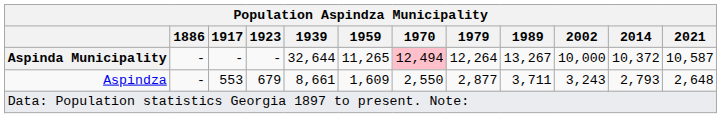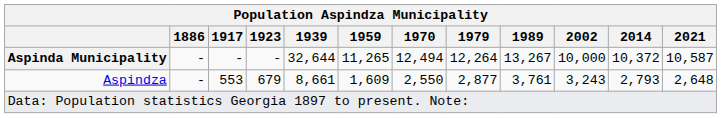 <table class="wikitable" style="text-align:right">
 <tr>
 <th colspan=19>Population Aspindza Municipality</th>
 </tr>
 <tr>
 <th></th>
 <th>1886</th>
 <th>1917</th>
 <th>1923</th>
 <th>1939</th>
 <th>1959</th>
 <th>1970</th>
 <th>1979</th>
 <th>1989</th>
 <th>2002</th>
 <th>2014</th>
 <th>2021</th>
 </tr>
 <tr>
 <th>Aspinda Municipality</th>
 <td>-</td>
 <td>-</td>
 <td>-</td>
 <td>32,644</td>
 <td> 11,265</td>
-<td style="background: pink;"> 12,494</td>
+<td> 12,494</td>
 <td> 12,264</td>
 <td> 13,267</td>
 <td> 10,000</td>
 <td> 10,372</td>
 <td> 10,587</td>
 </tr>
 <tr>
 <td><a href='#'>Aspindza</a></td>
 <td>-</td>
 <td>553</td>
 <td> 679</td>
 <td> 8,661</td>
 <td> 1,609</td>
 <td> 2,550</td>
 <td> 2,877</td>
-<td> 3,711</td>
+<td> 3,761</td>
 <td> 3,243</td>
 <td> 2,793</td>
 <td> 2,648</td>
 </tr>
 <tr>
 <td colspan=15 class="wikitable" style="align:left;text-align:left;background-color:#eaecf0">Data: Population statistics Georgia 1897 to present.  Note:</td>
 </tr>
 </table>
